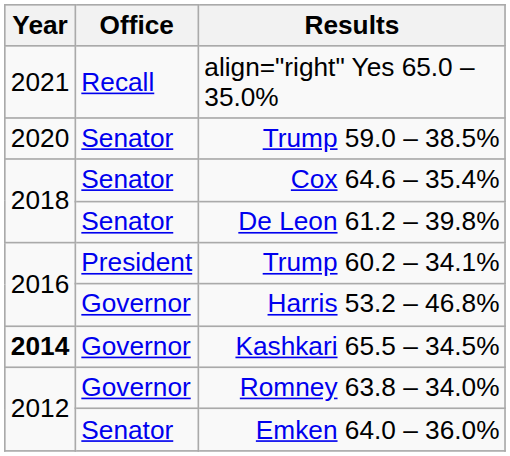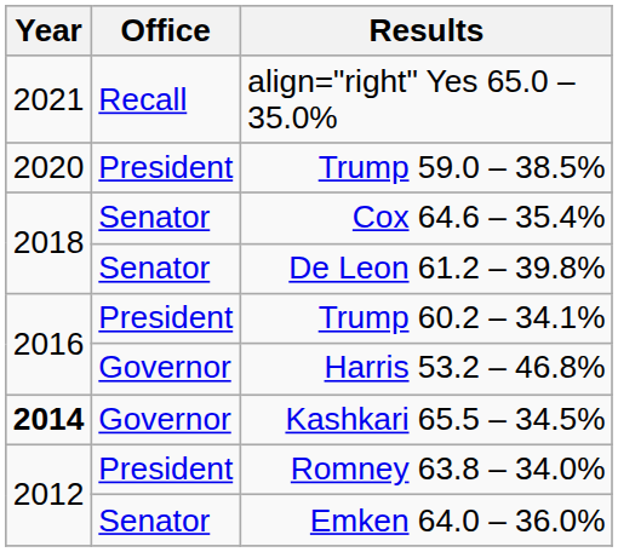 <table class=wikitable>
 <tr>
 <th width="30">Year</th>
 <th width="60">Office</th>
 <th width="180">Results</th>
 </tr>
 <tr>
 <td>2021</td>
 <td><a href='#'>Recall</a></td>
 <td>align="right"  Yes 65.0 – 35.0%</td>
 </tr>
 <tr>
 <td>2020</td>
-<td><a href='#'>Senator</a></td>
+<td><a href='#'>President</a></td>
 <td align="right" ><a href='#'>Trump</a> 59.0 – 38.5%</td>
 </tr>
 <tr>
 <td rowspan="2">2018</td>
 <td><a href='#'>Senator</a></td>
 <td align="right" ><a href='#'>Cox</a> 64.6 – 35.4%</td>
 </tr>
 <tr>
 <td><a href='#'>Senator</a></td>
 <td align="right" ><a href='#'>De Leon</a> 61.2 – 39.8%</td>
 </tr>
 <tr>
 <td rowspan="2">2016</td>
 <td><a href='#'>President</a></td>
 <td align="right" ><a href='#'>Trump</a> 60.2 – 34.1%</td>
 </tr>
 <tr>
 <td><a href='#'>Governor</a></td>
 <td align="right" ><a href='#'>Harris</a> 53.2 – 46.8%</td>
 </tr>
 <tr>
 <td><strong>2014</strong></td>
 <td><a href='#'>Governor</a></td>
 <td align="right" ><a href='#'>Kashkari</a> 65.5 – 34.5%</td>
 </tr>
 <tr>
 <td rowspan="2">2012</td>
-<td><a href='#'>Governor</a></td>
+<td><a href='#'>President</a></td>
 <td align="right" ><a href='#'>Romney</a> 63.8 – 34.0%</td>
 </tr>
 <tr>
 <td><a href='#'>Senator</a></td>
 <td align="right" ><a href='#'>Emken</a> 64.0 – 36.0%</td>
 </tr>
 </table>
